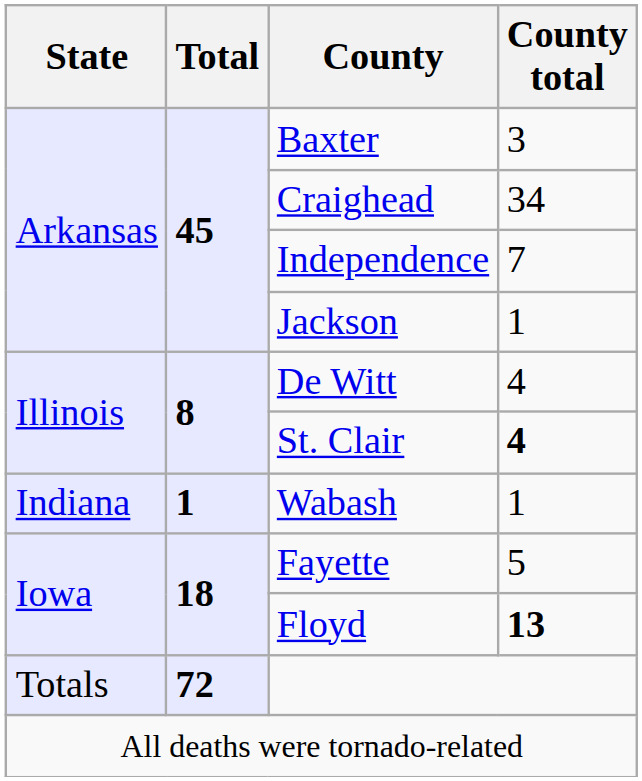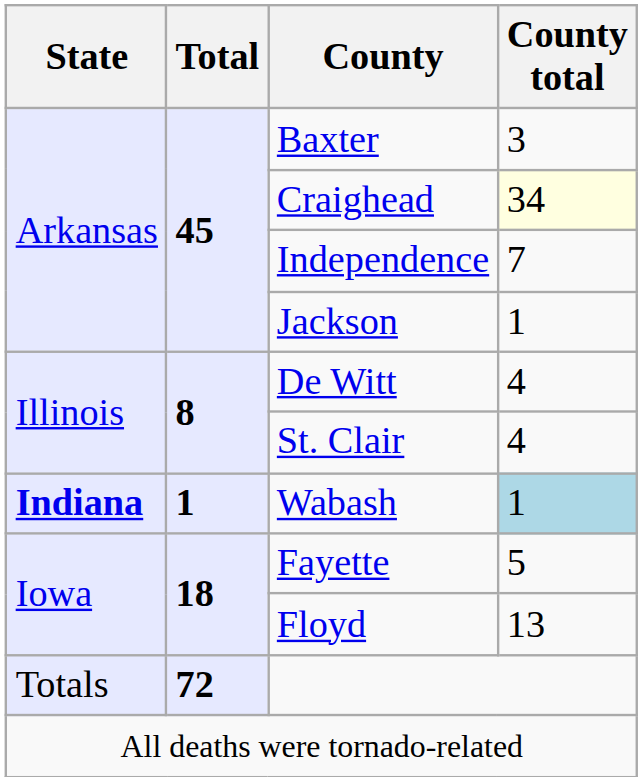 <table class="wikitable" style="margin:0 0 0.5em 1em;float:right;">
 <tr>
 <th><strong>State</strong></th>
 <th><strong>Total</strong></th>
 <th><strong>County</strong></th>
 <th><strong>County<br>total</strong></th>
 </tr>
 <tr>
 <td rowspan="4" style="background:#e6e9ff;"><a href='#'>Arkansas</a></td>
 <td rowspan="4" style="background:#e6e9ff;"><strong>45</strong></td>
 <td><a href='#'>Baxter</a></td>
 <td>3</td>
 </tr>
 <tr>
 <td><a href='#'>Craighead</a></td>
-<td>34</td>
+<td style="background: lightyellow;">34</td>
 </tr>
 <tr>
 <td><a href='#'>Independence</a></td>
 <td>7</td>
 </tr>
 <tr>
 <td><a href='#'>Jackson</a></td>
 <td>1</td>
 </tr>
 <tr>
 <td rowspan="2" style="background:#e6e9ff;"><a href='#'>Illinois</a></td>
 <td rowspan="2" style="background:#e6e9ff;"><strong>8</strong></td>
 <td><a href='#'>De Witt</a></td>
 <td>4</td>
 </tr>
 <tr>
 <td><a href='#'>St. Clair</a></td>
-<td><strong>4</strong></td>
+<td>4</td>
 </tr>
 <tr>
-<td style="background:#e6e9ff;"><a href='#'>Indiana</a></td>
+<td style="background:#e6e9ff;"><strong><a href='#'>Indiana</a></strong></td>
 <td style="background:#e6e9ff;"><strong>1</strong></td>
 <td><a href='#'>Wabash</a></td>
-<td>1</td>
+<td style="background: lightblue;">1</td>
 </tr>
 <tr>
 <td rowspan="2" style="background:#e6e9ff;"><a href='#'>Iowa</a></td>
 <td rowspan="2" style="background:#e6e9ff;"><strong>18</strong></td>
 <td><a href='#'>Fayette</a></td>
 <td>5</td>
 </tr>
 <tr>
 <td><a href='#'>Floyd</a></td>
-<td><strong>13</strong></td>
+<td>13</td>
 </tr>
 <tr>
 <td style="background:#e6e9ff;">Totals</td>
 <td style="background:#e6e9ff;"><strong>72</strong></td>
 <td colspan=2></td>
 </tr>
 <tr>
 <td colspan="4" style="text-align:center;"><small>All deaths were tornado-related</small></td>
 </tr>
 </table>
